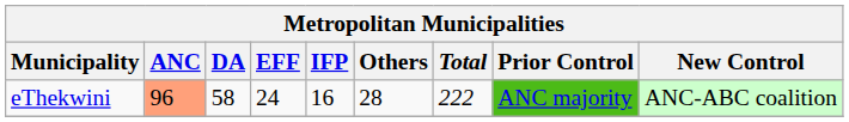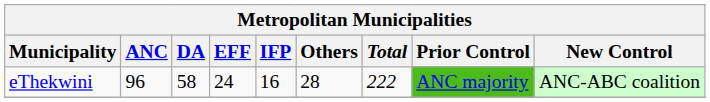 <table class="wikitable">
 <tr>
 <th colspan="9">Metropolitan Municipalities</th>
 </tr>
 <tr>
 <th>Municipality</th>
 <th><a href='#'>ANC</a></th>
 <th><a href='#'>DA</a></th>
 <th><a href='#'>EFF</a></th>
 <th><a href='#'>IFP</a></th>
 <th>Others</th>
 <th><em>Total</em></th>
 <th>Prior Control</th>
 <th>New Control</th>
 </tr>
 <tr>
 <td><a href='#'>eThekwini</a></td>
-<td style="background: lightsalmon;">96</td>
+<td>96</td>
 <td>58</td>
 <td>24</td>
 <td>16</td>
 <td>28</td>
 <td><em>222</em></td>
 <td style="background:#4CBB17;"><a href='#'>ANC majority</a></td>
 <td style="background:#cfc">ANC-ABC coalition</td>
 </tr>
 <tr>
 </tr>
 </table>
